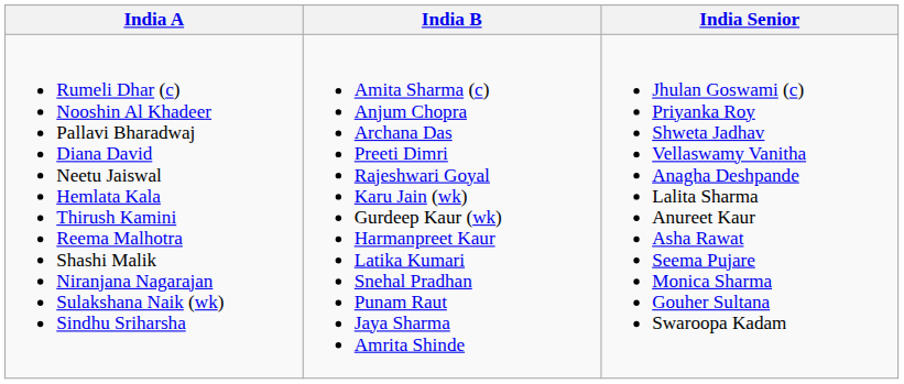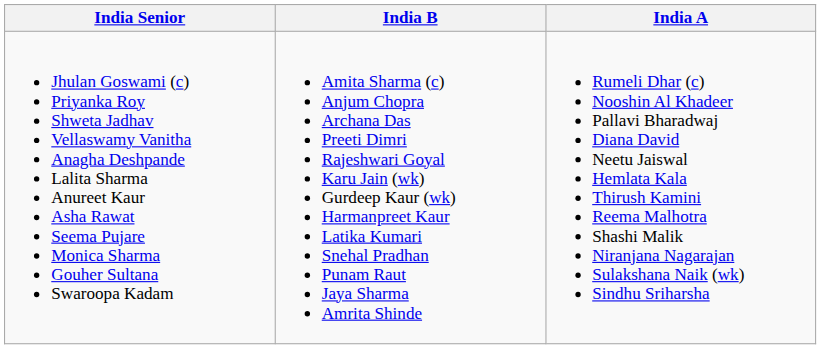 <table class="wikitable">
 <tr>
+<th style="width:25%;"><a href='#'>India Senior</a></th>
+<th style="width:25%;"><a href='#'>India B</a></th>
 <th style="width:25%;"><a href='#'>India A</a></th>
-<th style="width:25%;"><a href='#'>India B</a></th>
-<th style="width:25%;"><a href='#'>India Senior</a></th>
 </tr>
 <tr style="vertical-align:top">
+<td><br><ul><li><a href='#'>Jhulan Goswami</a> (<a href='#'>c</a>)</li><li><a href='#'>Priyanka Roy</a></li><li><a href='#'>Shweta Jadhav</a></li><li><a href='#'>Vellaswamy Vanitha</a></li><li><a href='#'>Anagha Deshpande</a></li><li>Lalita Sharma</li><li>Anureet Kaur</li><li><a href='#'>Asha Rawat</a></li><li><a href='#'>Seema Pujare</a></li><li><a href='#'>Monica Sharma</a></li><li><a href='#'>Gouher Sultana</a></li><li>Swaroopa Kadam</li></ul></td>
+<td><br><ul><li><a href='#'>Amita Sharma</a> (<a href='#'>c</a>)</li><li><a href='#'>Anjum Chopra</a></li><li><a href='#'>Archana Das</a></li><li><a href='#'>Preeti Dimri</a></li><li><a href='#'>Rajeshwari Goyal</a></li><li><a href='#'>Karu Jain</a> (<a href='#'>wk</a>)</li><li>Gurdeep Kaur (<a href='#'>wk</a>)</li><li><a href='#'>Harmanpreet Kaur</a></li><li><a href='#'>Latika Kumari</a></li><li><a href='#'>Snehal Pradhan</a></li><li><a href='#'>Punam Raut</a></li><li><a href='#'>Jaya Sharma</a></li><li><a href='#'>Amrita Shinde</a></li></ul></td>
 <td><br><ul><li><a href='#'>Rumeli Dhar</a> (<a href='#'>c</a>)</li><li><a href='#'>Nooshin Al Khadeer</a></li><li>Pallavi Bharadwaj</li><li><a href='#'>Diana David</a></li><li>Neetu Jaiswal</li><li><a href='#'>Hemlata Kala</a></li><li><a href='#'>Thirush Kamini</a></li><li><a href='#'>Reema Malhotra</a></li><li>Shashi Malik</li><li><a href='#'>Niranjana Nagarajan</a></li><li><a href='#'>Sulakshana Naik</a> (<a href='#'>wk</a>)</li><li><a href='#'>Sindhu Sriharsha</a></li></ul></td>
-<td><br><ul><li><a href='#'>Amita Sharma</a> (<a href='#'>c</a>)</li><li><a href='#'>Anjum Chopra</a></li><li><a href='#'>Archana Das</a></li><li><a href='#'>Preeti Dimri</a></li><li><a href='#'>Rajeshwari Goyal</a></li><li><a href='#'>Karu Jain</a> (<a href='#'>wk</a>)</li><li>Gurdeep Kaur (<a href='#'>wk</a>)</li><li><a href='#'>Harmanpreet Kaur</a></li><li><a href='#'>Latika Kumari</a></li><li><a href='#'>Snehal Pradhan</a></li><li><a href='#'>Punam Raut</a></li><li><a href='#'>Jaya Sharma</a></li><li><a href='#'>Amrita Shinde</a></li></ul></td>
-<td><br><ul><li><a href='#'>Jhulan Goswami</a> (<a href='#'>c</a>)</li><li><a href='#'>Priyanka Roy</a></li><li><a href='#'>Shweta Jadhav</a></li><li><a href='#'>Vellaswamy Vanitha</a></li><li><a href='#'>Anagha Deshpande</a></li><li>Lalita Sharma</li><li>Anureet Kaur</li><li><a href='#'>Asha Rawat</a></li><li><a href='#'>Seema Pujare</a></li><li><a href='#'>Monica Sharma</a></li><li><a href='#'>Gouher Sultana</a></li><li>Swaroopa Kadam</li></ul></td>
 </tr>
 </table>
